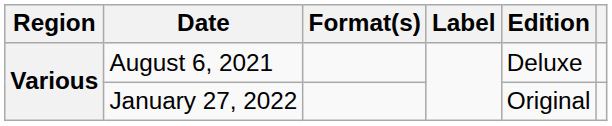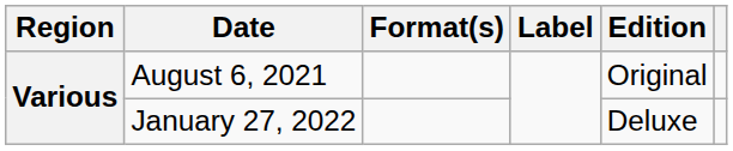 <table class="wikitable plainrowheaders">
 <tr>
 <th scope="col">Region</th>
 <th scope="col">Date</th>
 <th scope="col">Format(s)</th>
 <th scope="col">Label</th>
 <th scope="col">Edition</th>
 <th scope="col"></th>
 </tr>
 <tr>
 <th rowspan="2" scope="row">Various</th>
 <td>August 6, 2021</td>
 <td></td>
 <td rowspan="2"></td>
-<td>Deluxe</td>
+<td>Original</td>
 <td align="center"></td>
 </tr>
 <tr>
 <td>January 27, 2022</td>
 <td></td>
-<td>Original</td>
+<td>Deluxe</td>
 <td align="center"></td>
 </tr>
 </table>
